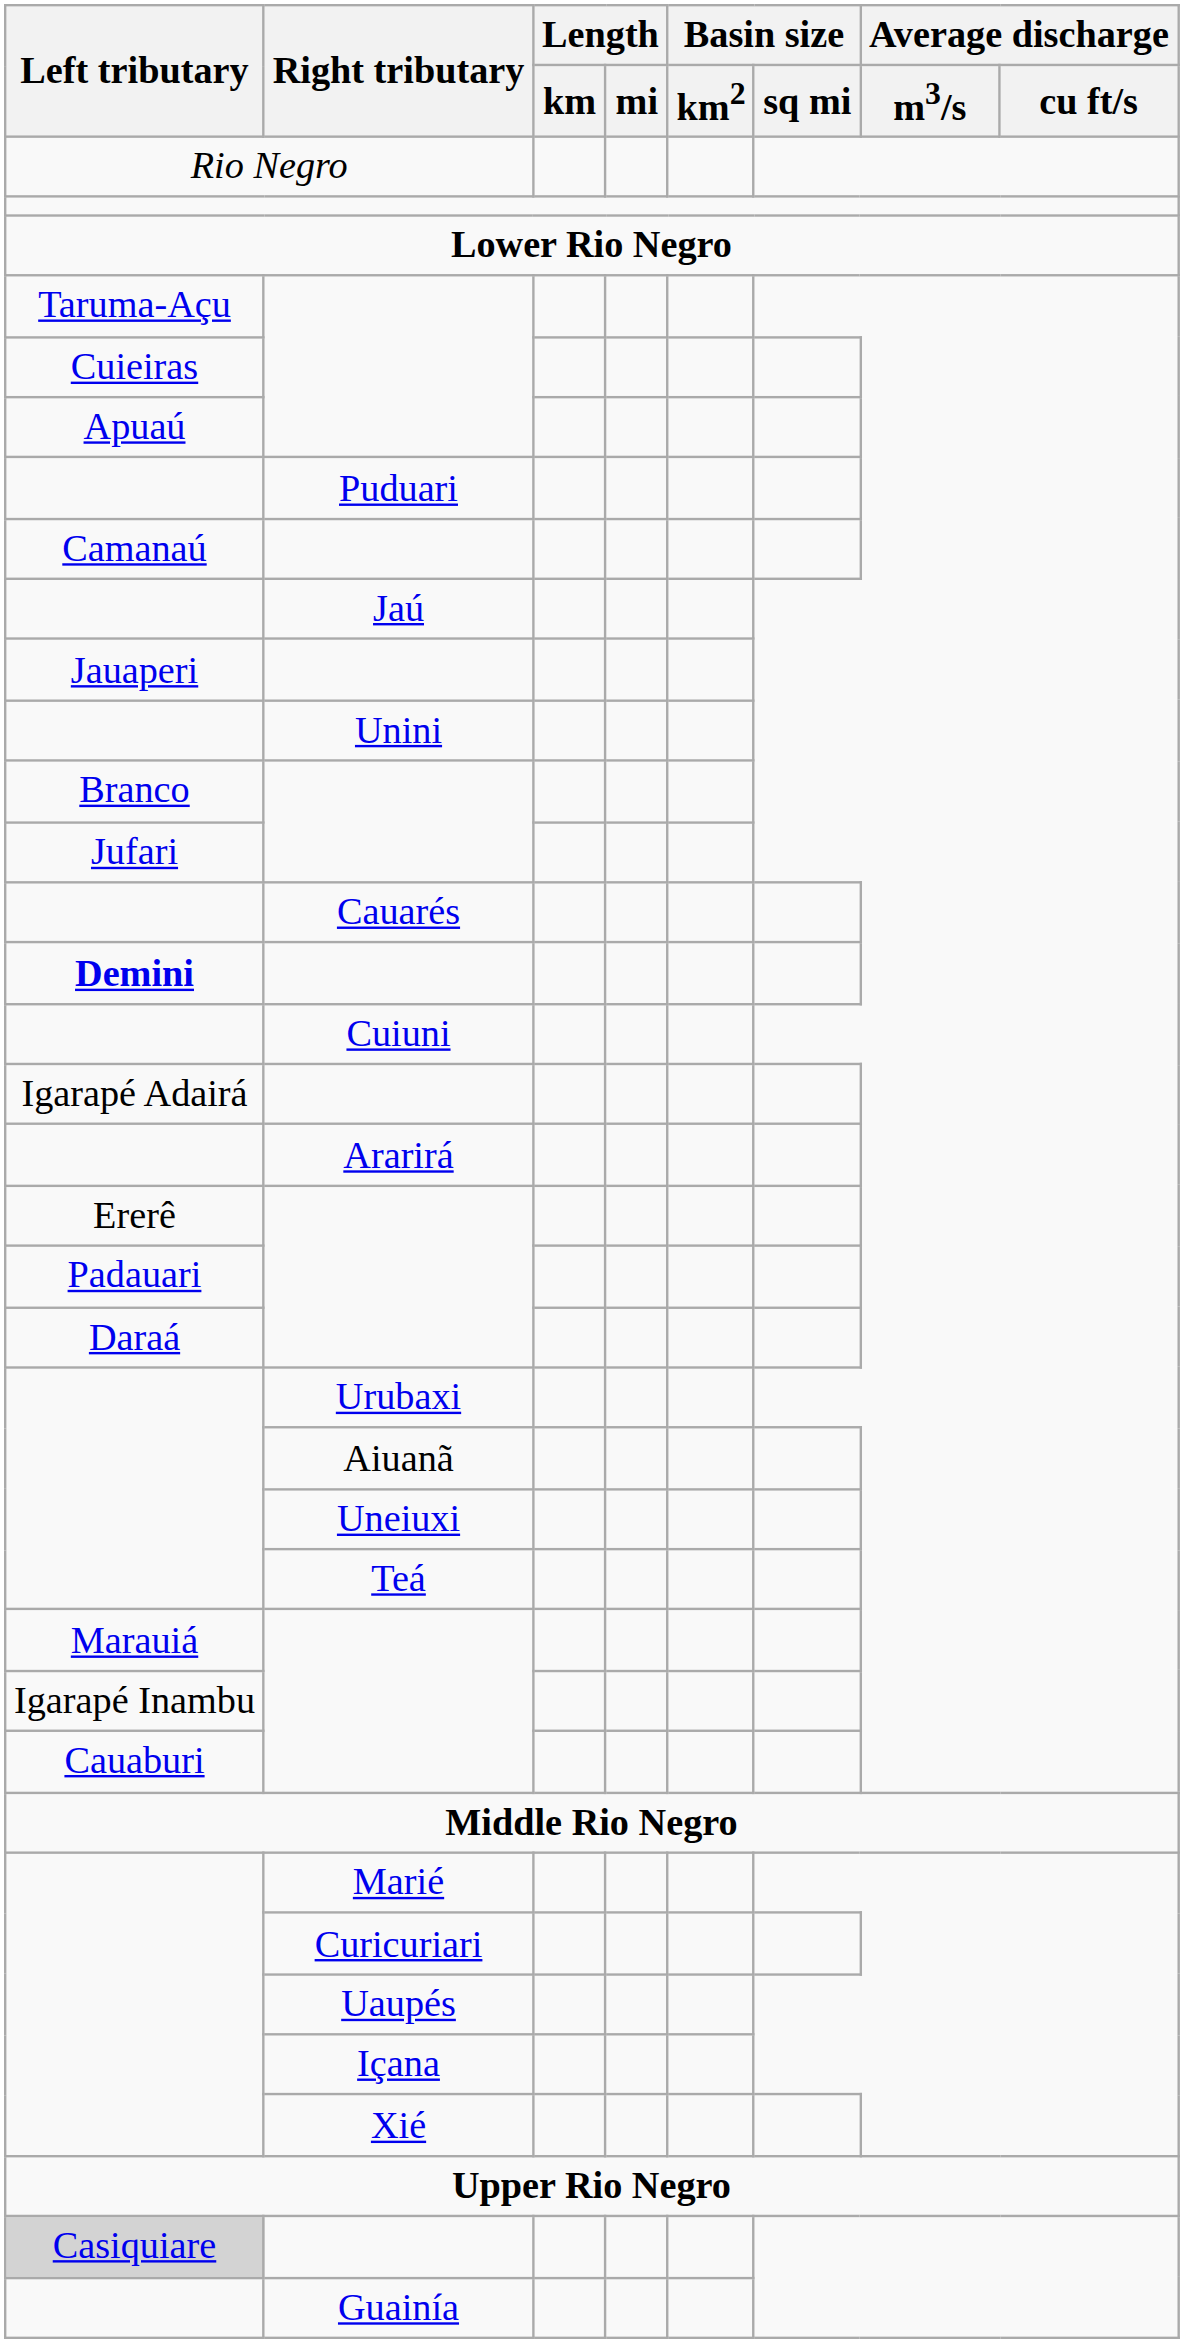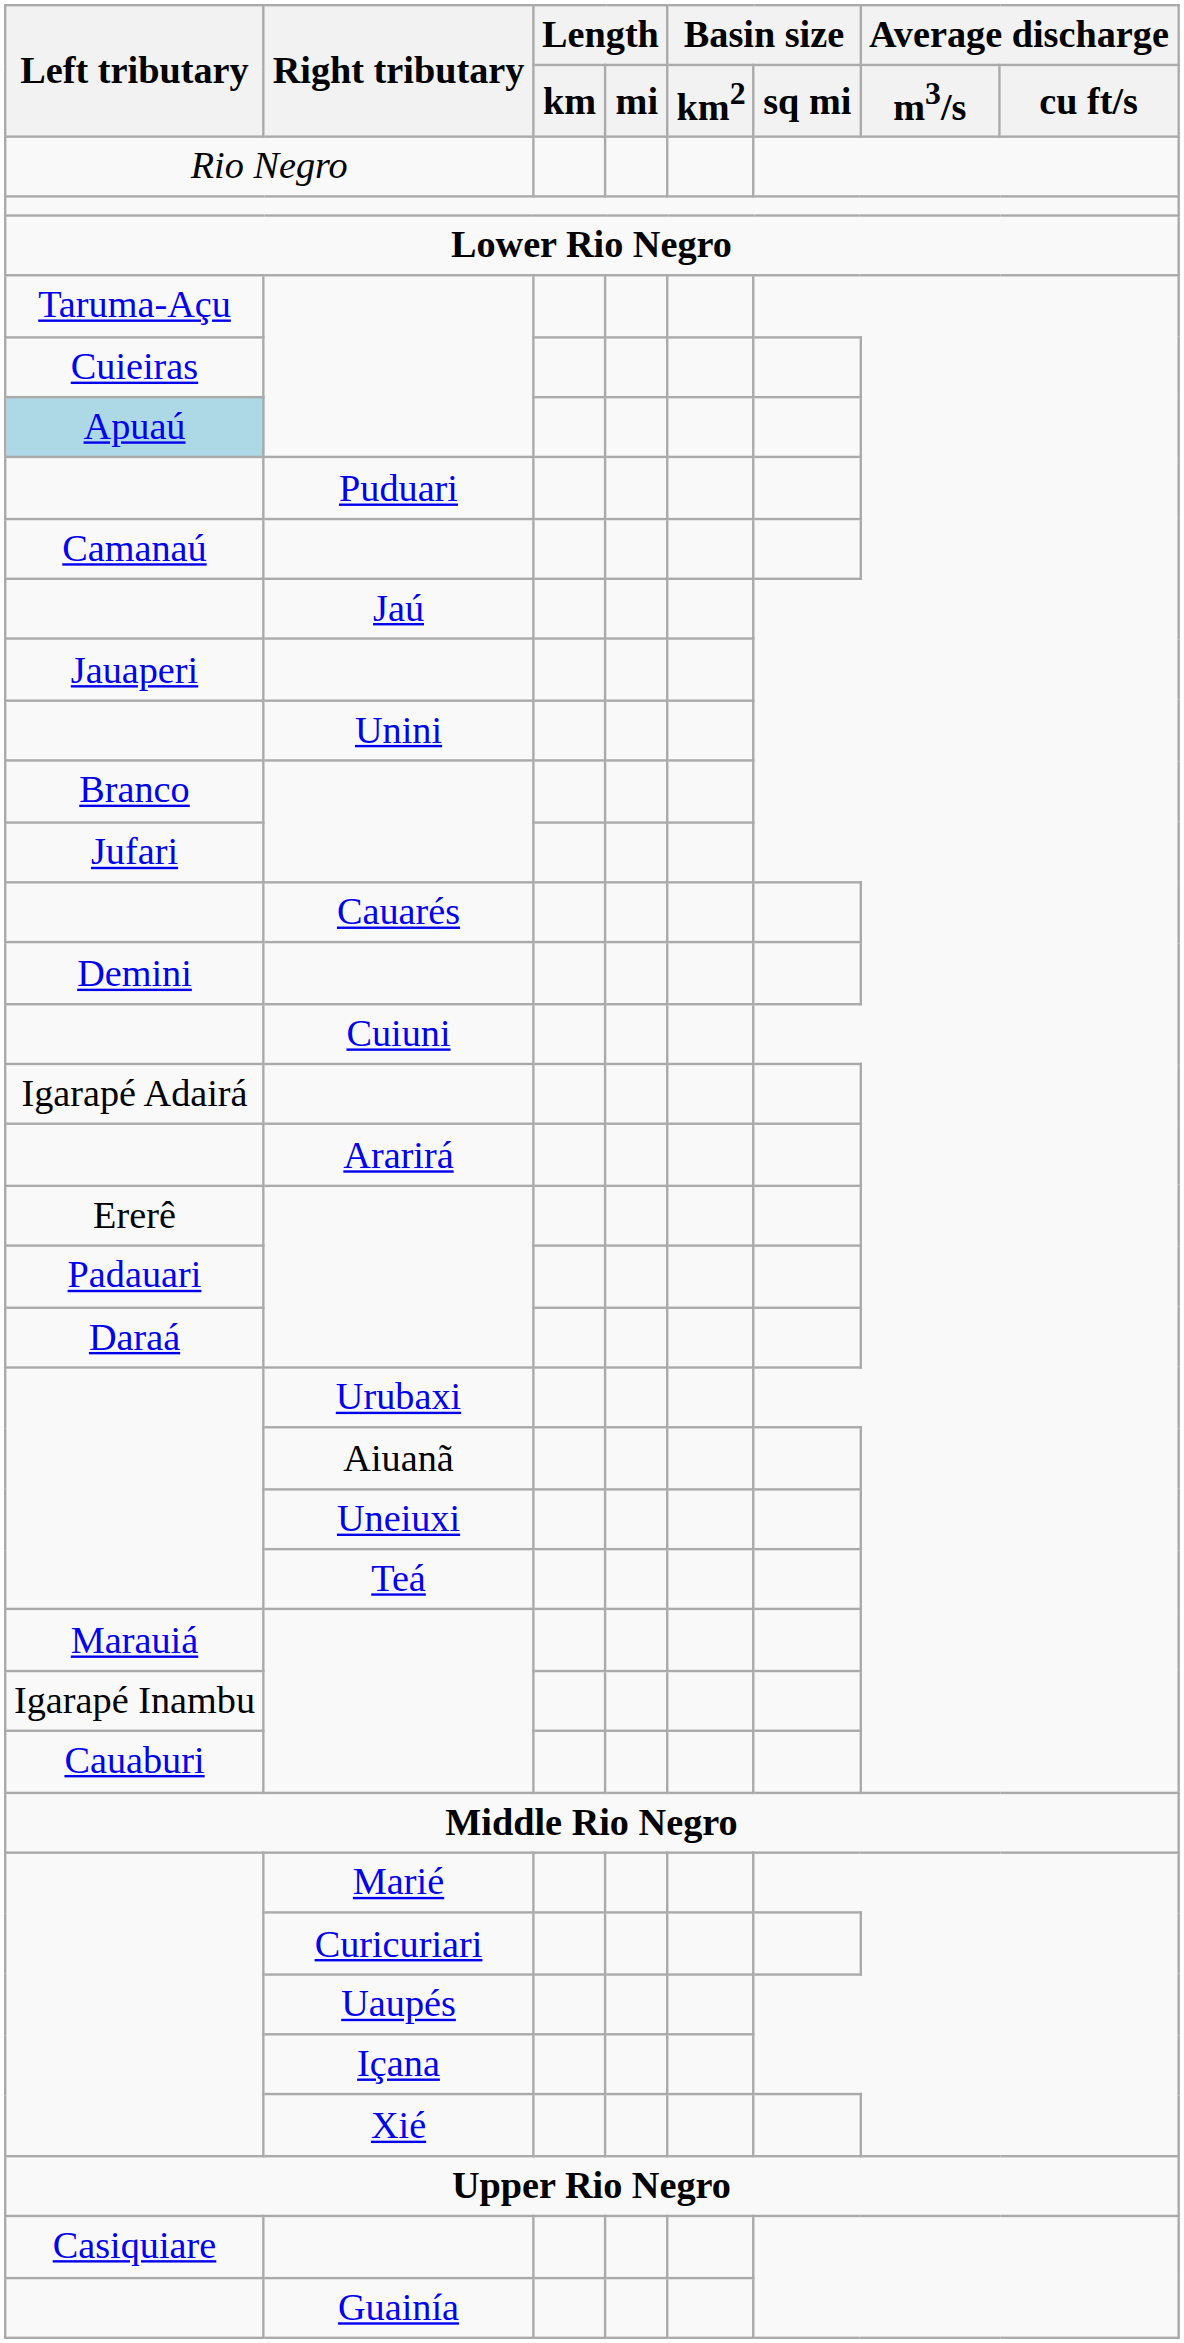 <table class="wikitable sortable" style="text-align:center;">
 <tr>
 <th rowspan=2>Left tributary</th>
 <th rowspan=2>Right tributary</th>
 <th colspan=2>Length</th>
 <th colspan=2>Basin size</th>
 <th colspan=2>Average discharge</th>
 </tr>
 <tr>
 <th>km</th>
 <th>mi</th>
 <th>km<sup>2</sup></th>
 <th>sq mi</th>
 <th>m<sup>3</sup>/s</th>
 <th>cu ft/s</th>
 </tr>
 <tr>
 <td colspan="2"><em>Rio Negro</em></td>
 <td></td>
 <td></td>
 <td></td>
 </tr>
 <tr>
 <td colspan="8"></td>
 </tr>
 <tr>
 <td colspan="8"><strong>Lower Rio Negro</strong></td>
 </tr>
 <tr>
 <td><a href='#'>Taruma-Açu</a></td>
 <td rowspan="3"></td>
 <td></td>
 <td></td>
 <td></td>
 </tr>
 <tr>
 <td><a href='#'>Cuieiras</a></td>
 <td></td>
 <td></td>
 <td></td>
 <td></td>
 </tr>
 <tr>
-<td><a href='#'>Apuaú</a></td>
+<td style="background: lightblue;"><a href='#'>Apuaú</a></td>
 <td></td>
 <td></td>
 <td></td>
 <td></td>
 </tr>
 <tr>
 <td></td>
 <td><a href='#'>Puduari</a></td>
 <td></td>
 <td></td>
 <td></td>
 <td></td>
 </tr>
 <tr>
 <td><a href='#'>Camanaú</a></td>
 <td></td>
 <td></td>
 <td></td>
 <td></td>
 <td></td>
 </tr>
 <tr>
 <td></td>
 <td><a href='#'>Jaú</a></td>
 <td></td>
 <td></td>
 <td></td>
 </tr>
 <tr>
 <td><a href='#'>Jauaperi</a></td>
 <td></td>
 <td></td>
 <td></td>
 <td></td>
 </tr>
 <tr>
 <td></td>
 <td><a href='#'>Unini</a></td>
 <td></td>
 <td></td>
 <td></td>
 </tr>
 <tr>
 <td><a href='#'>Branco</a></td>
 <td rowspan="2"></td>
 <td></td>
 <td></td>
 <td></td>
 </tr>
 <tr>
 <td><a href='#'>Jufari</a></td>
 <td></td>
 <td></td>
 <td></td>
 </tr>
 <tr>
 <td></td>
 <td><a href='#'>Cauarés</a></td>
 <td></td>
 <td></td>
 <td></td>
 <td></td>
 </tr>
 <tr>
-<td><strong><a href='#'>Demini</a></strong></td>
+<td><a href='#'>Demini</a></td>
 <td></td>
 <td></td>
 <td></td>
 <td></td>
 <td></td>
 </tr>
 <tr>
 <td></td>
 <td><a href='#'>Cuiuni</a></td>
 <td></td>
 <td></td>
 <td></td>
 </tr>
 <tr>
 <td>Igarapé Adairá</td>
 <td></td>
 <td></td>
 <td></td>
 <td></td>
 <td></td>
 </tr>
 <tr>
 <td></td>
 <td><a href='#'>Ararirá</a></td>
 <td></td>
 <td></td>
 <td></td>
 <td></td>
 </tr>
 <tr>
 <td>Ererê</td>
 <td rowspan="3"></td>
 <td></td>
 <td></td>
 <td></td>
 <td></td>
 </tr>
 <tr>
 <td><a href='#'>Padauari</a></td>
 <td></td>
 <td></td>
 <td></td>
 <td></td>
 </tr>
 <tr>
 <td><a href='#'>Daraá</a></td>
 <td></td>
 <td></td>
 <td></td>
 <td></td>
 </tr>
 <tr>
 <td rowspan="4"></td>
 <td><a href='#'>Urubaxi</a></td>
 <td></td>
 <td></td>
 <td></td>
 </tr>
 <tr>
 <td>Aiuanã</td>
 <td></td>
 <td></td>
 <td></td>
 <td></td>
 </tr>
 <tr>
 <td><a href='#'>Uneiuxi</a></td>
 <td></td>
 <td></td>
 <td></td>
 <td></td>
 </tr>
 <tr>
 <td><a href='#'>Teá</a></td>
 <td></td>
 <td></td>
 <td></td>
 <td></td>
 </tr>
 <tr>
 <td><a href='#'>Marauiá</a></td>
 <td rowspan="3"></td>
 <td></td>
 <td></td>
 <td></td>
 <td></td>
 </tr>
 <tr>
 <td>Igarapé Inambu</td>
 <td></td>
 <td></td>
 <td></td>
 <td></td>
 </tr>
 <tr>
 <td><a href='#'>Cauaburi</a></td>
 <td></td>
 <td></td>
 <td></td>
 <td></td>
 </tr>
 <tr>
 <td colspan="8"><strong>Middle Rio Negro</strong></td>
 </tr>
 <tr>
 <td rowspan="5"></td>
 <td><a href='#'>Marié</a></td>
 <td></td>
 <td></td>
 <td></td>
 </tr>
 <tr>
 <td><a href='#'>Curicuriari</a></td>
 <td></td>
 <td></td>
 <td></td>
 <td></td>
 </tr>
 <tr>
 <td><a href='#'>Uaupés</a></td>
 <td></td>
 <td></td>
 <td></td>
 </tr>
 <tr>
 <td><a href='#'>Içana</a></td>
 <td></td>
 <td></td>
 <td></td>
 </tr>
 <tr>
 <td><a href='#'>Xié</a></td>
 <td></td>
 <td></td>
 <td></td>
 <td></td>
 </tr>
 <tr>
 <td colspan="8"><strong>Upper Rio Negro</strong></td>
 </tr>
 <tr>
-<td style="background: lightgrey;"><a href='#'>Casiquiare</a></td>
+<td><a href='#'>Casiquiare</a></td>
 <td></td>
 <td></td>
 <td></td>
 <td></td>
 </tr>
 <tr>
 <td></td>
 <td><a href='#'>Guainía</a></td>
 <td></td>
 <td></td>
 <td></td>
 </tr>
 </table>
